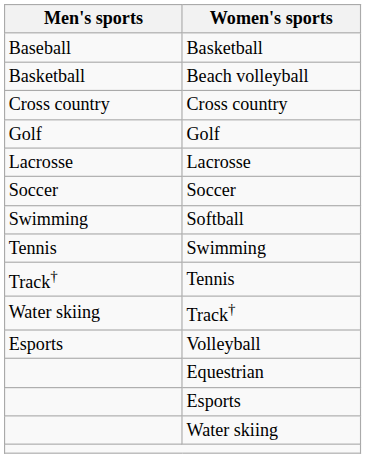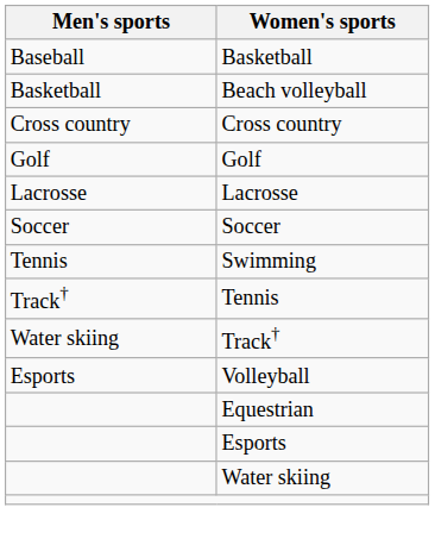 <table class="wikitable"; style= "text-align: ">
 <tr>
 <th width=150px>Men's sports</th>
 <th width=150px>Women's sports</th>
 </tr>
 <tr>
 <td>Baseball</td>
 <td>Basketball</td>
 </tr>
 <tr>
 <td>Basketball</td>
 <td>Beach volleyball</td>
 </tr>
 <tr>
 <td>Cross country</td>
 <td>Cross country</td>
 </tr>
 <tr>
 <td>Golf</td>
 <td>Golf</td>
 </tr>
 <tr>
 <td>Lacrosse</td>
 <td>Lacrosse</td>
 </tr>
 <tr>
 <td>Soccer</td>
 <td>Soccer</td>
-</tr>
-<tr>
-<td>Swimming</td>
-<td>Softball</td>
 </tr>
 <tr>
 <td>Tennis</td>
 <td>Swimming</td>
 </tr>
 <tr>
 <td>Track<sup>†</sup></td>
 <td>Tennis</td>
 </tr>
 <tr>
 <td>Water skiing</td>
 <td>Track<sup>†</sup></td>
 </tr>
 <tr>
 <td>Esports</td>
 <td>Volleyball</td>
 </tr>
 <tr>
 <td></td>
 <td>Equestrian</td>
 </tr>
 <tr>
 <td></td>
 <td>Esports</td>
 </tr>
 <tr>
 <td></td>
 <td>Water skiing</td>
 </tr>
 <tr>
 <td colspan="2"></td>
 </tr>
 </table>
